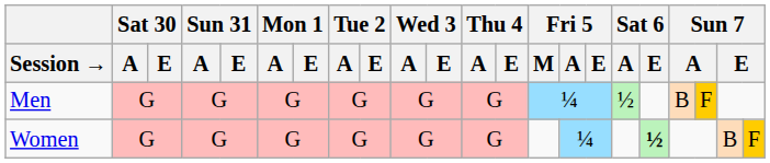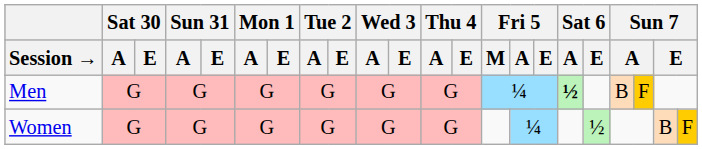 <table class="wikitable" style="margin:0.5em auto; font-size:90%; line-height:1.25em; text-align:center;">
 <tr>
 <th></th>
 <th colspan=2>Sat 30</th>
 <th colspan=2>Sun 31</th>
 <th colspan=2>Mon 1</th>
 <th colspan=2>Tue 2</th>
 <th colspan=2>Wed 3</th>
 <th colspan=2>Thu 4</th>
 <th colspan=3>Fri 5</th>
 <th colspan=2>Sat 6</th>
 <th colspan=4>Sun 7</th>
 </tr>
 <tr>
 <th>Session →</th>
 <th>A</th>
 <th>E</th>
 <th>A</th>
 <th>E</th>
 <th>A</th>
 <th>E</th>
 <th>A</th>
 <th>E</th>
 <th>A</th>
 <th>E</th>
 <th>A</th>
 <th>E</th>
 <th>M</th>
 <th>A</th>
 <th>E</th>
 <th>A</th>
 <th>E</th>
 <th colspan=2>A</th>
 <th colspan=2>E</th>
 </tr>
 <tr>
 <td style="text-align:left;"><a href='#'>Men</a></td>
 <td colspan="2" style="background-color:#FFBBBB;">G</td>
 <td colspan="2" style="background-color:#FFBBBB;">G</td>
 <td colspan="2" style="background-color:#FFBBBB;">G</td>
 <td colspan="2" style="background-color:#FFBBBB;">G</td>
 <td colspan="2" style="background-color:#FFBBBB;">G</td>
 <td colspan="2" style="background-color:#FFBBBB;">G</td>
 <td colspan="3" style="background-color:#97DEFF;">¼</td>
-<td style="background-color:#BBF3BB;">½</td>
+<td style="background-color:#BBF3BB;"><strong>½</strong></td>
 <td></td>
 <td style="background-color:#FEDCBA;">B</td>
 <td style="background-color:#fc0;">F</td>
 <td colspan=2></td>
 </tr>
 <tr>
 <td style="text-align:left;"><a href='#'>Women</a></td>
 <td colspan="2" style="background-color:#FFBBBB;">G</td>
 <td colspan="2" style="background-color:#FFBBBB;">G</td>
 <td colspan="2" style="background-color:#FFBBBB;">G</td>
 <td colspan="2" style="background-color:#FFBBBB;">G</td>
 <td colspan="2" style="background-color:#FFBBBB;">G</td>
 <td colspan="2" style="background-color:#FFBBBB;">G</td>
 <td></td>
 <td colspan="2" style="background-color:#97DEFF;">¼</td>
 <td></td>
-<td style="background-color:#BBF3BB;"><strong>½</strong></td>
+<td style="background-color:#BBF3BB;">½</td>
 <td colspan=2></td>
 <td style="background-color:#FEDCBA;">B</td>
 <td style="background-color:#fc0;">F</td>
 </tr>
 </table>
